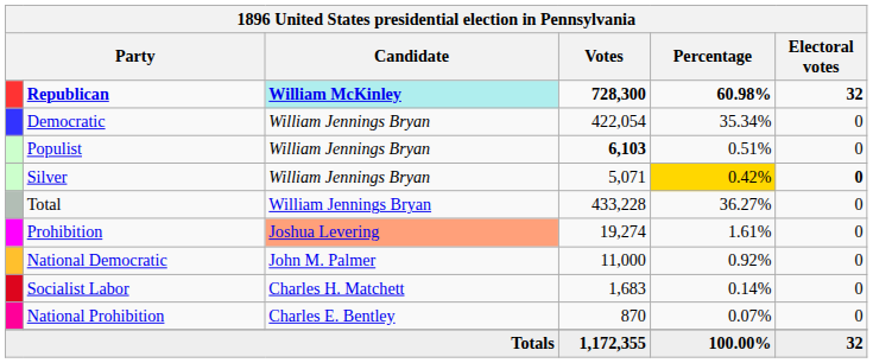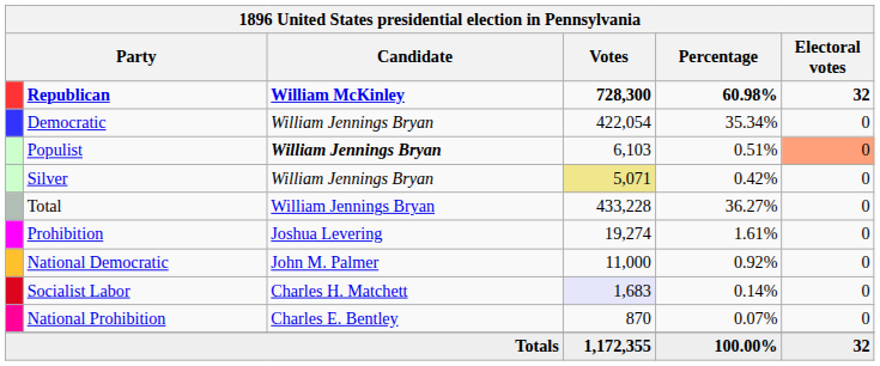 <table class="wikitable" style="font-size: 95%;">
 <tr>
 <th colspan="6">1896 United States presidential election in Pennsylvania</th>
 </tr>
 <tr>
 <th colspan="2" style="width: 15em">Party</th>
 <th style="width: 17em">Candidate</th>
 <th style="width: 5em">Votes</th>
 <th style="width: 7em">Percentage</th>
 <th style="width: 5em">Electoral votes</th>
 </tr>
 <tr>
 <th style="background-color:#FF3333; width: 3px"></th>
 <td style="width: 130px"><strong><a href='#'>Republican</a></strong></td>
-<td style="background: paleturquoise;"><strong><a href='#'>William McKinley</a></strong></td>
+<td><strong><a href='#'>William McKinley</a></strong></td>
 <td align="right"><strong>728,300</strong></td>
 <td align="right"><strong>60.98%</strong></td>
 <td align="right"><strong>32</strong></td>
 </tr>
 <tr>
 <th style="background-color:#3333FF; width: 3px"></th>
 <td style="width: 130px"><a href='#'>Democratic</a></td>
 <td><em>William Jennings Bryan</em></td>
 <td align="right">422,054</td>
 <td align="right">35.34%</td>
 <td align="right">0</td>
 </tr>
 <tr>
 <th style="background-color:#CCFFCC; width: 3px"></th>
 <td style="width: 130px"><a href='#'>Populist</a></td>
-<td><em>William Jennings Bryan</em></td>
-<td align="right"><strong>6,103</strong></td>
+<td><strong><em>William Jennings Bryan</em></strong></td>
+<td align="right">6,103</td>
 <td align="right">0.51%</td>
-<td align="right">0</td>
+<td align="right" style="background: lightsalmon;">0</td>
 </tr>
 <tr>
 <th style="background-color:#CCFFCC; width: 3px"></th>
 <td style="width: 130px"><a href='#'>Silver</a></td>
 <td><em>William Jennings Bryan</em></td>
-<td align="right">5,071</td>
-<td align="right" style="background: gold;">0.42%</td>
-<td align="right"><strong>0</strong></td>
+<td align="right" style="background: khaki;">5,071</td>
+<td align="right">0.42%</td>
+<td align="right">0</td>
 </tr>
 <tr>
 <th style="background-color:#B2BEB5; width: 3px"></th>
 <td style="width: 130px">Total</td>
 <td><a href='#'>William Jennings Bryan</a></td>
 <td align="right">433,228</td>
 <td align="right">36.27%</td>
 <td align="right">0</td>
 </tr>
 <tr>
 <th style="background-color:#FF00FF; width: 3px"></th>
 <td style="width: 130px"><a href='#'>Prohibition</a></td>
-<td style="background: lightsalmon;"><a href='#'>Joshua Levering</a></td>
+<td><a href='#'>Joshua Levering</a></td>
 <td align="right">19,274</td>
 <td align="right">1.61%</td>
 <td align="right">0</td>
 </tr>
 <tr>
 <th style="background-color:#FFC02D; width: 3px"></th>
 <td style="width: 130px"><a href='#'>National Democratic</a></td>
 <td><a href='#'>John M. Palmer</a></td>
 <td align="right">11,000</td>
 <td align="right">0.92%</td>
 <td align="right">0</td>
 </tr>
 <tr>
 <th style="background-color:#DD051D; width: 3px"></th>
 <td style="width: 130px"><a href='#'>Socialist Labor</a></td>
 <td><a href='#'>Charles H. Matchett</a></td>
-<td align="right">1,683</td>
+<td align="right" style="background: lavender;">1,683</td>
 <td align="right">0.14%</td>
 <td align="right">0</td>
 </tr>
 <tr>
 <th style="background-color:#f09; width: 3px"></th>
 <td style="width: 130px"><a href='#'>National Prohibition</a></td>
 <td><a href='#'>Charles E. Bentley</a></td>
 <td align="right">870</td>
 <td align="right">0.07%</td>
 <td align="right">0</td>
 </tr>
 <tr>
 </tr>
 <tr bgcolor="#EEEEEE">
 <td colspan="3" align="right"><strong>Totals</strong></td>
 <td align="right"><strong>1,172,355</strong></td>
 <td align="right"><strong>100.00%</strong></td>
 <td align="right"><strong>32</strong></td>
 </tr>
 </table>
